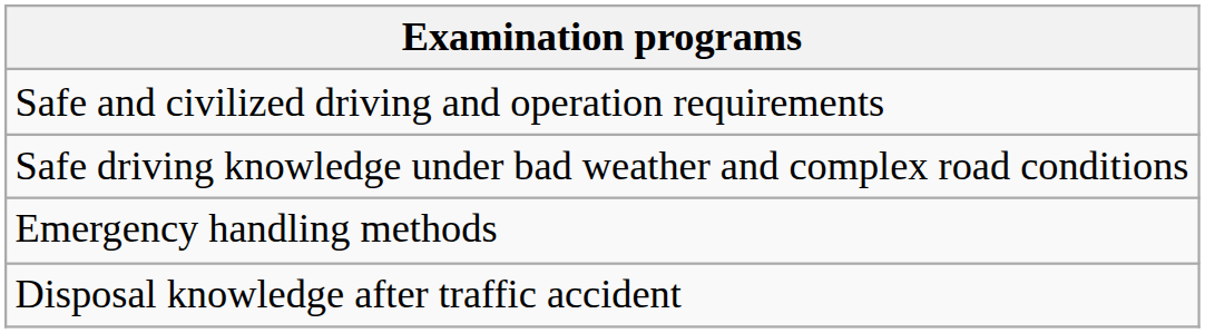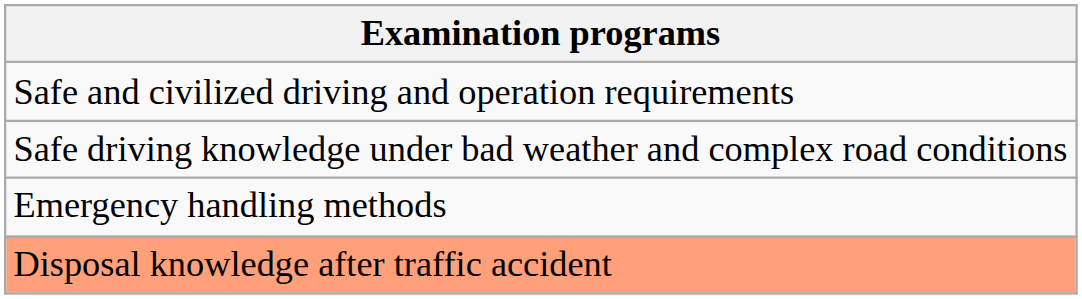 <table class=wikitable>
 <tr>
 <th>Examination programs</th>
 </tr>
 <tr>
 <td>Safe and civilized driving and operation requirements</td>
 </tr>
 <tr>
 <td>Safe driving knowledge under bad weather and complex road conditions</td>
 </tr>
 <tr>
 <td>Emergency handling methods</td>
 </tr>
 <tr>
-<td>Disposal knowledge after traffic accident</td>
+<td style="background: lightsalmon;">Disposal knowledge after traffic accident</td>
 </tr>
 </table>
